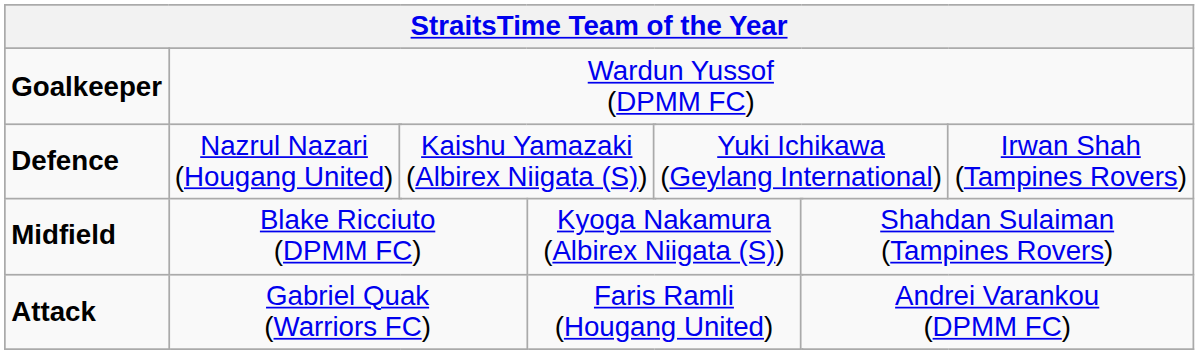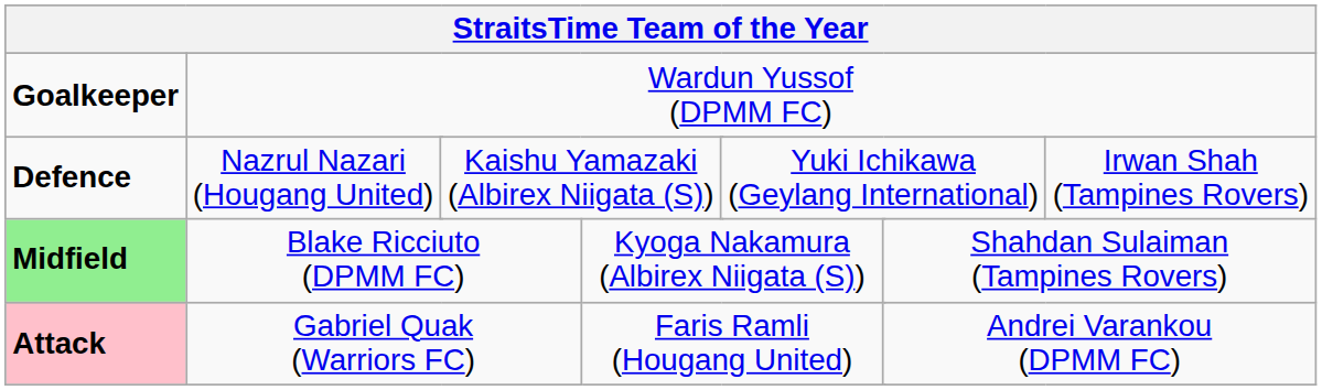 <table class="wikitable">
 <tr>
 <th colspan="13"><a href='#'>StraitsTime Team of the Year</a></th>
 </tr>
 <tr>
 <td><strong>Goalkeeper</strong></td>
 <td colspan="12" align="center"> <a href='#'>Wardun Yussof</a> <br> (<a href='#'>DPMM FC</a>)</td>
 </tr>
 <tr>
 <td><strong>Defence</strong></td>
 <td colspan="3" align="center"> <a href='#'>Nazrul Nazari</a> <br> (<a href='#'>Hougang United</a>)</td>
 <td colspan="3" align="center"> <a href='#'>Kaishu Yamazaki</a> <br> (<a href='#'>Albirex Niigata (S)</a>)</td>
 <td colspan="3" align="center"> <a href='#'>Yuki Ichikawa</a> <br> (<a href='#'>Geylang International</a>)</td>
 <td colspan="3" align="center"> <a href='#'>Irwan Shah</a> <br> (<a href='#'>Tampines Rovers</a>)</td>
 </tr>
 <tr>
-<td><strong>Midfield</strong></td>
+<td style="background: lightgreen;"><strong>Midfield</strong></td>
 <td colspan="4" align="center"> <a href='#'>Blake Ricciuto</a> <br> (<a href='#'>DPMM FC</a>)</td>
 <td colspan="4" align="center"> <a href='#'>Kyoga Nakamura</a> <br> (<a href='#'>Albirex Niigata (S)</a>)</td>
 <td colspan="4" align="center"> <a href='#'>Shahdan Sulaiman</a> <br> (<a href='#'>Tampines Rovers</a>)</td>
 </tr>
 <tr>
-<td><strong>Attack</strong></td>
+<td style="background: pink;"><strong>Attack</strong></td>
 <td colspan="4" align="center"> <a href='#'>Gabriel Quak</a> <br> (<a href='#'>Warriors FC</a>)</td>
 <td colspan="4" align="center"> <a href='#'>Faris Ramli</a> <br> (<a href='#'>Hougang United</a>)</td>
 <td colspan="4" align="center"> <a href='#'>Andrei Varankou</a> <br> (<a href='#'>DPMM FC</a>)</td>
 </tr>
 </table>
